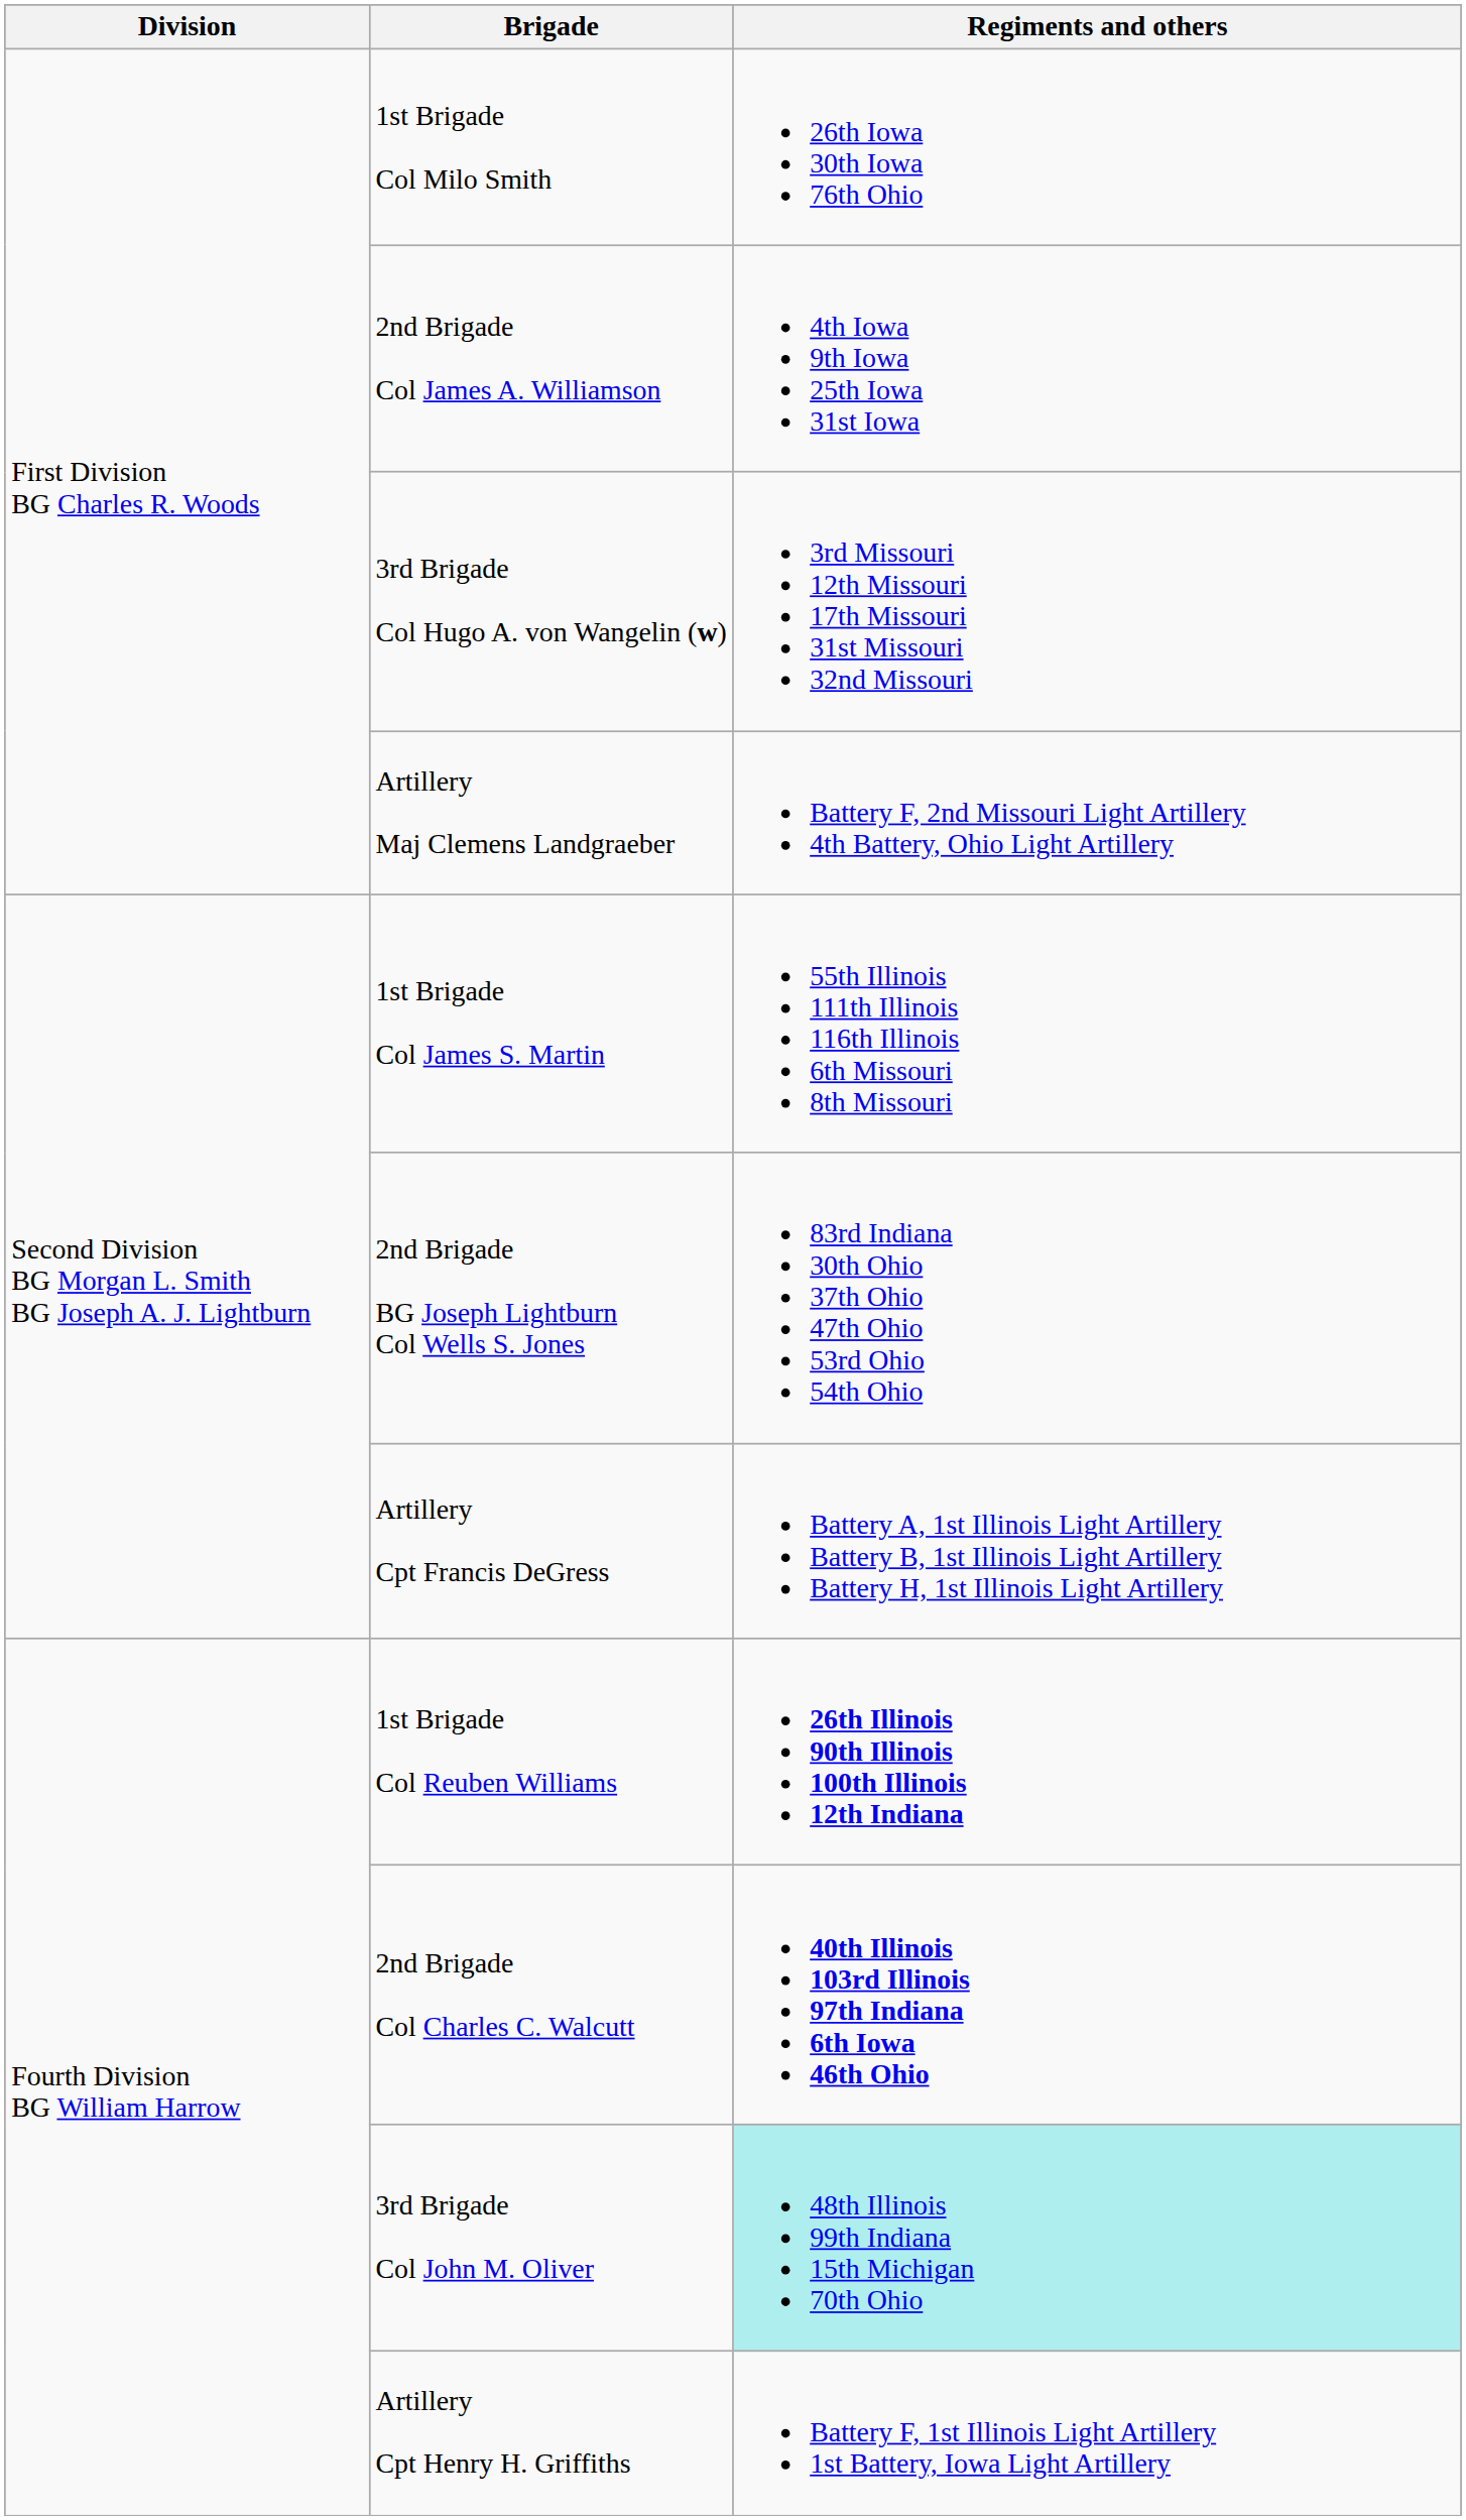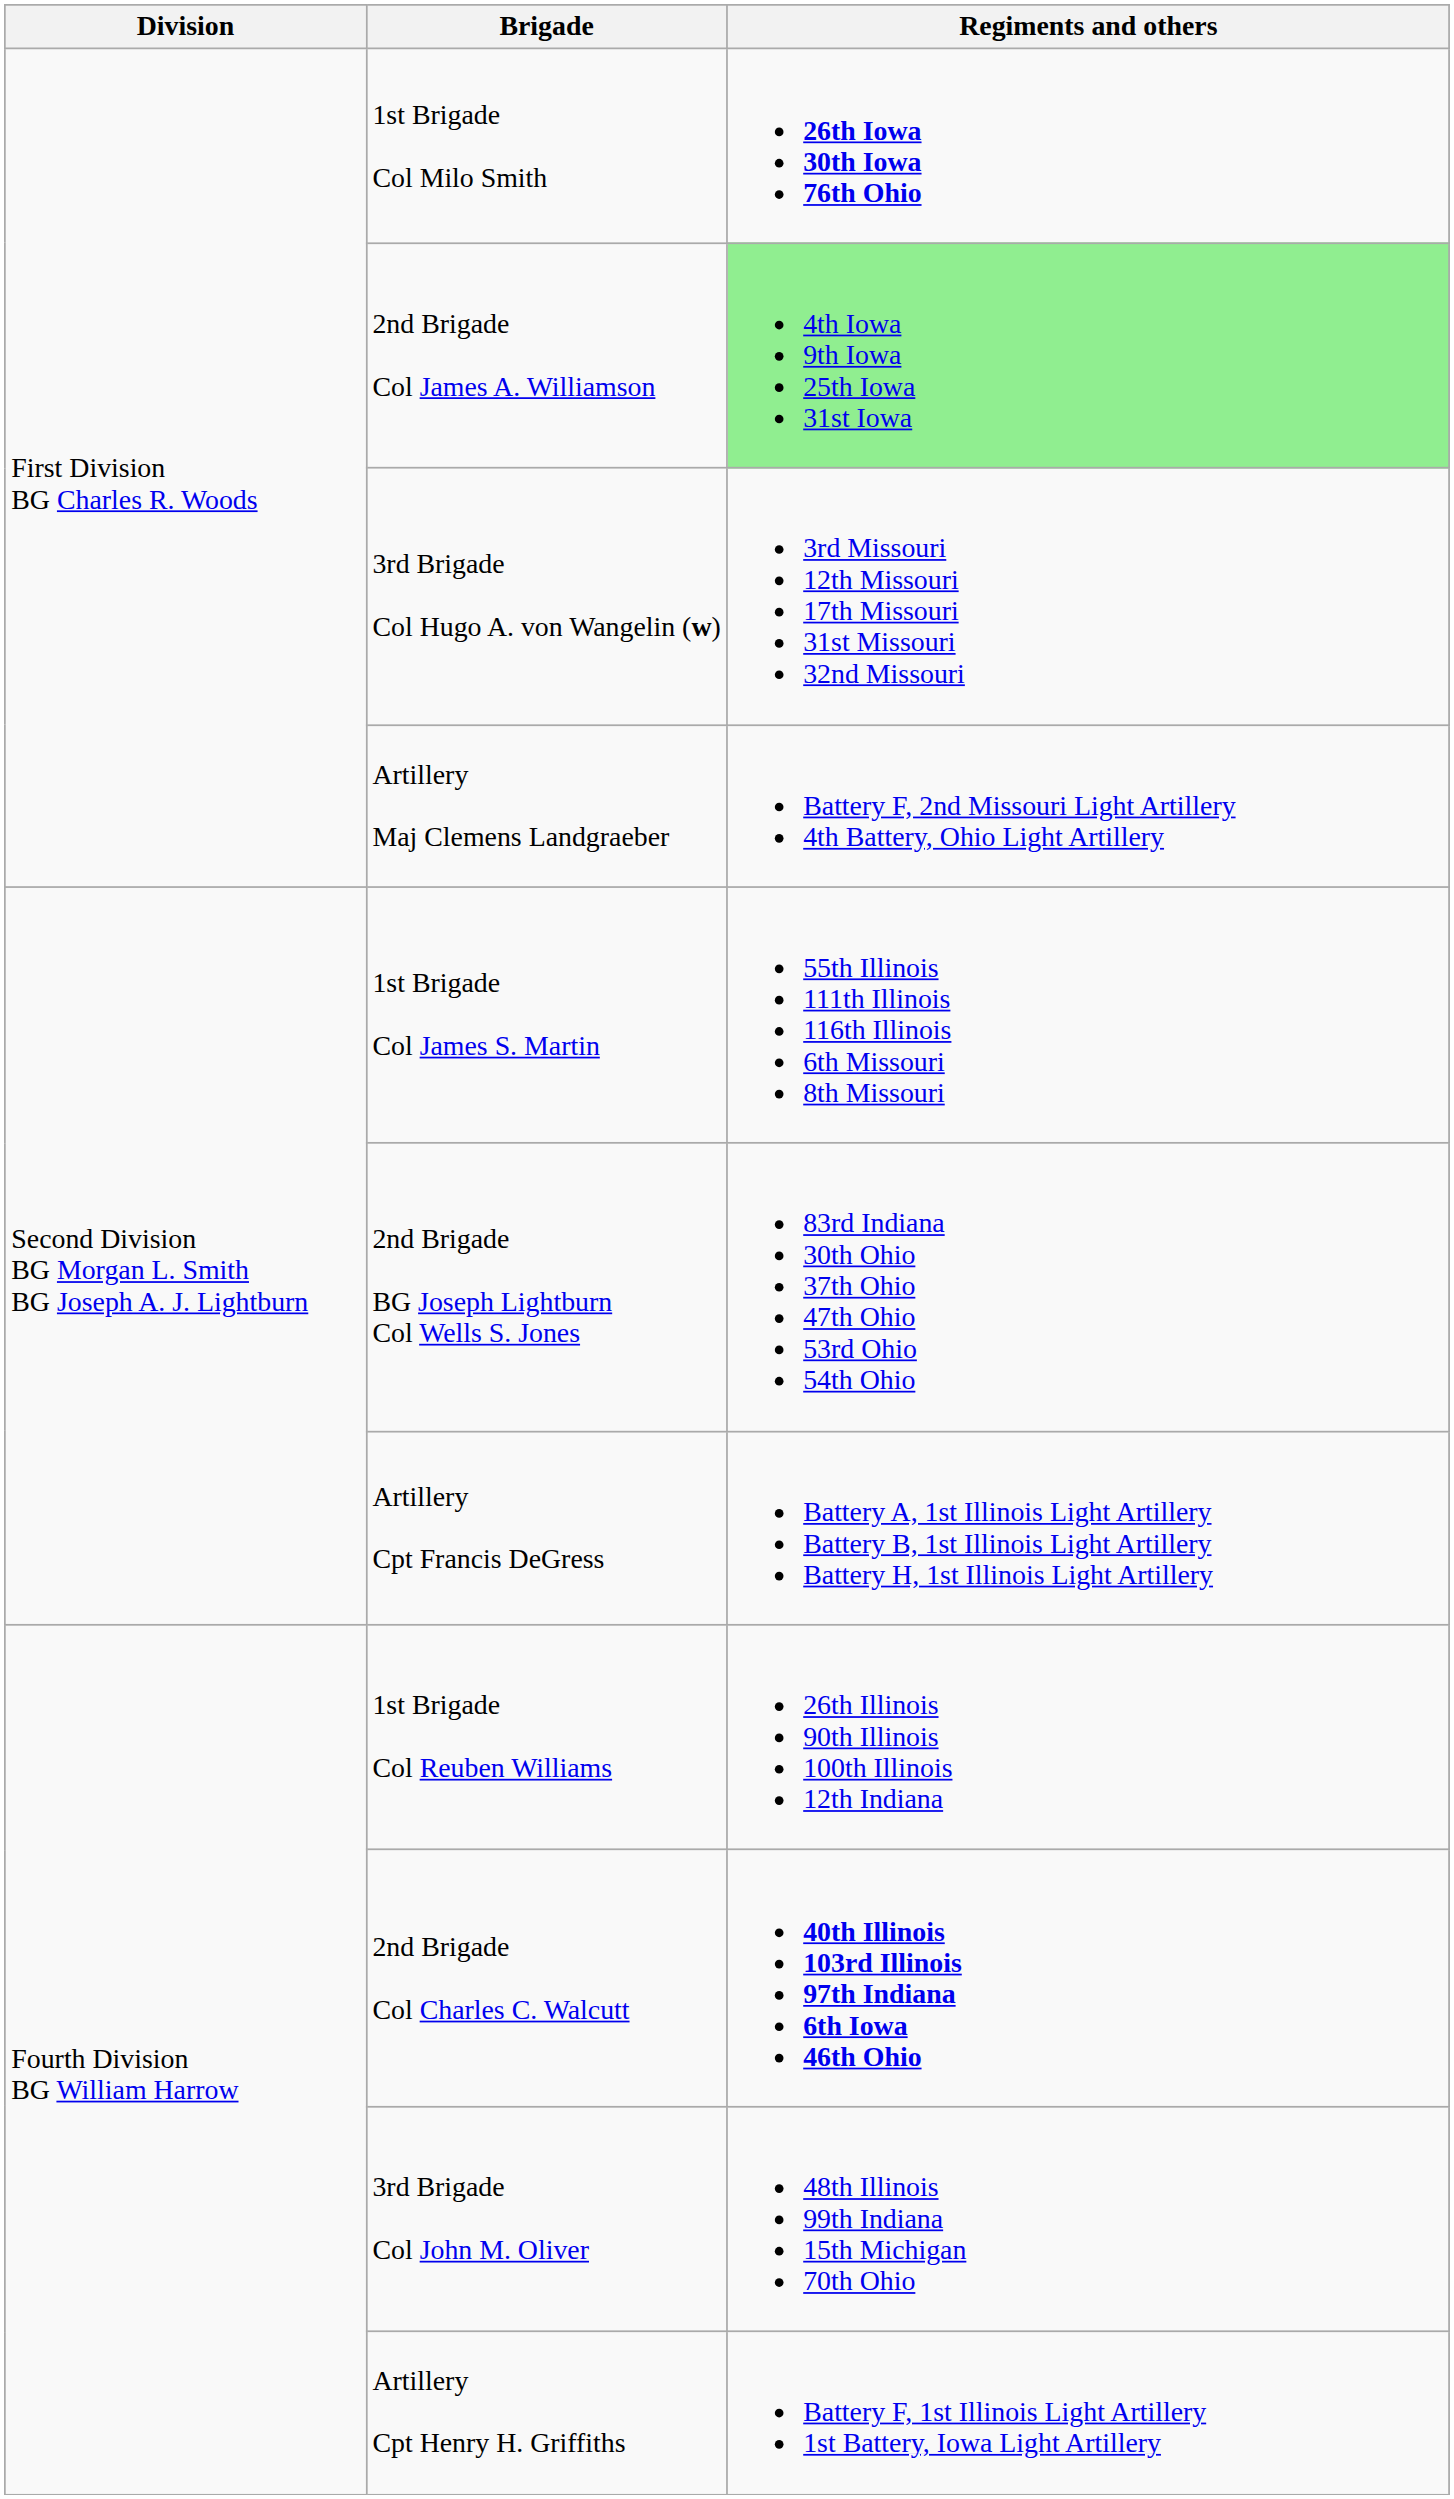 <table class="wikitable">
 <tr>
 <th width=25%>Division</th>
 <th width=25%>Brigade</th>
 <th>Regiments and others</th>
 </tr>
 <tr>
 <td rowspan=4><br>First Division <br> BG <a href='#'>Charles R. Woods</a></td>
 <td>1st Brigade<br><br> Col Milo Smith</td>
-<td><br><ul><li><a href='#'>26th Iowa</a></li><li><a href='#'>30th Iowa</a></li><li><a href='#'>76th Ohio</a></li></ul></td>
+<td><strong><br><ul><li><a href='#'>26th Iowa</a></li><li><a href='#'>30th Iowa</a></li><li><a href='#'>76th Ohio</a></li></ul></strong></td>
 </tr>
 <tr>
 <td>2nd Brigade<br><br> Col <a href='#'>James A. Williamson</a></td>
-<td><br><ul><li><a href='#'>4th Iowa</a></li><li><a href='#'>9th Iowa</a></li><li><a href='#'>25th Iowa</a></li><li><a href='#'>31st Iowa</a></li></ul></td>
+<td style="background: lightgreen;"><br><ul><li><a href='#'>4th Iowa</a></li><li><a href='#'>9th Iowa</a></li><li><a href='#'>25th Iowa</a></li><li><a href='#'>31st Iowa</a></li></ul></td>
 </tr>
 <tr>
 <td>3rd Brigade<br><br> Col Hugo A. von Wangelin (<strong>w</strong>)</td>
 <td><br><ul><li><a href='#'>3rd Missouri</a></li><li><a href='#'>12th Missouri</a></li><li><a href='#'>17th Missouri</a></li><li><a href='#'>31st Missouri</a></li><li><a href='#'>32nd Missouri</a></li></ul></td>
 </tr>
 <tr>
 <td>Artillery<br><br> Maj Clemens Landgraeber</td>
 <td><br><ul><li><a href='#'>Battery F, 2nd Missouri Light Artillery</a></li><li><a href='#'>4th Battery, Ohio Light Artillery</a></li></ul></td>
 </tr>
 <tr>
 <td rowspan= 3><br>Second Division <br> BG <a href='#'>Morgan L. Smith</a><br>BG <a href='#'>Joseph A. J. Lightburn</a></td>
 <td>1st Brigade<br><br> Col <a href='#'>James S. Martin</a></td>
 <td><br><ul><li><a href='#'>55th Illinois</a></li><li><a href='#'>111th Illinois</a></li><li><a href='#'>116th Illinois</a></li><li><a href='#'>6th Missouri</a></li><li><a href='#'>8th Missouri</a></li></ul></td>
 </tr>
 <tr>
 <td>2nd Brigade<br><br> BG <a href='#'>Joseph Lightburn</a><br>Col <a href='#'>Wells S. Jones</a></td>
 <td><br><ul><li><a href='#'>83rd Indiana</a></li><li><a href='#'>30th Ohio</a></li><li><a href='#'>37th Ohio</a></li><li><a href='#'>47th Ohio</a></li><li><a href='#'>53rd Ohio</a></li><li><a href='#'>54th Ohio</a></li></ul></td>
 </tr>
 <tr>
 <td>Artillery<br><br> Cpt Francis DeGress</td>
 <td><br><ul><li><a href='#'>Battery A, 1st Illinois Light Artillery</a></li><li><a href='#'>Battery B, 1st Illinois Light Artillery</a></li><li><a href='#'>Battery H, 1st Illinois Light Artillery</a></li></ul></td>
 </tr>
 <tr>
 <td rowspan=4><br>Fourth Division <br> BG <a href='#'>William Harrow</a></td>
 <td>1st Brigade<br><br> Col <a href='#'>Reuben Williams</a></td>
-<td><strong><br><ul><li><a href='#'>26th Illinois</a></li><li><a href='#'>90th Illinois</a></li><li><a href='#'>100th Illinois</a></li><li><a href='#'>12th Indiana</a></li></ul></strong></td>
+<td><br><ul><li><a href='#'>26th Illinois</a></li><li><a href='#'>90th Illinois</a></li><li><a href='#'>100th Illinois</a></li><li><a href='#'>12th Indiana</a></li></ul></td>
 </tr>
 <tr>
 <td>2nd Brigade<br><br> Col <a href='#'>Charles C. Walcutt</a></td>
 <td><strong><br><ul><li><a href='#'>40th Illinois</a></li><li><a href='#'>103rd Illinois</a></li><li><a href='#'>97th Indiana</a></li><li><a href='#'>6th Iowa</a></li><li><a href='#'>46th Ohio</a></li></ul></strong></td>
 </tr>
 <tr>
 <td>3rd Brigade<br><br> Col <a href='#'>John M. Oliver</a></td>
-<td style="background: paleturquoise;"><br><ul><li><a href='#'>48th Illinois</a></li><li><a href='#'>99th Indiana</a></li><li><a href='#'>15th Michigan</a></li><li><a href='#'>70th Ohio</a></li></ul></td>
+<td><br><ul><li><a href='#'>48th Illinois</a></li><li><a href='#'>99th Indiana</a></li><li><a href='#'>15th Michigan</a></li><li><a href='#'>70th Ohio</a></li></ul></td>
 </tr>
 <tr>
 <td>Artillery<br><br> Cpt Henry H. Griffiths</td>
 <td><br><ul><li><a href='#'>Battery F, 1st Illinois Light Artillery</a></li><li><a href='#'>1st Battery, Iowa Light Artillery</a></li></ul></td>
 </tr>
 </table>
